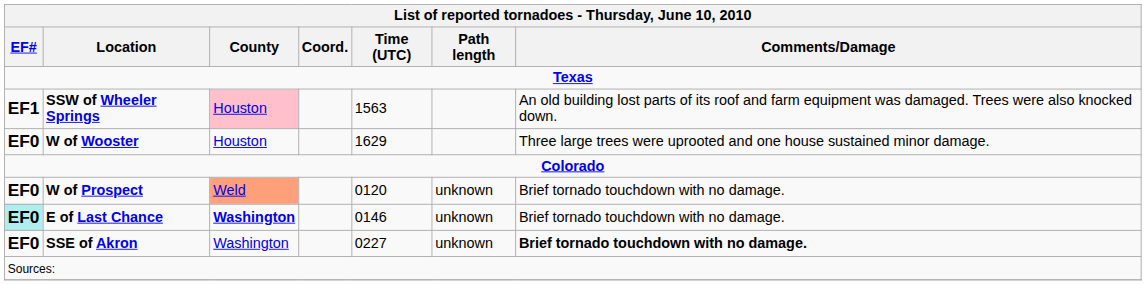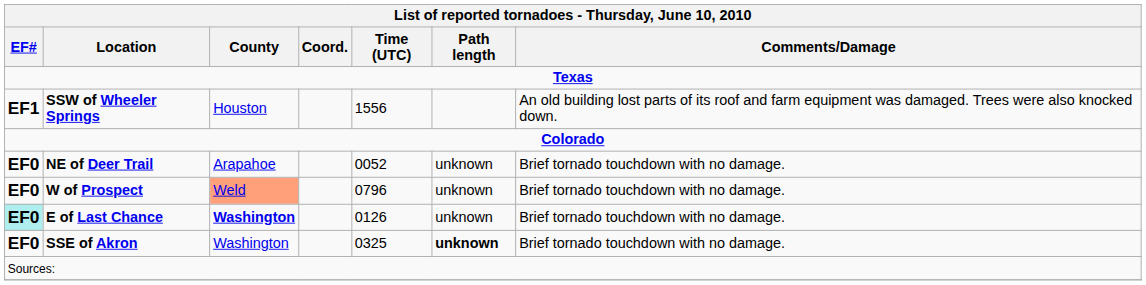 <table class="wikitable collapsible" width="100%">
 <tr>
 <th colspan="7">List of reported tornadoes - Thursday, June 10, 2010</th>
 </tr>
 <tr>
 <th><a href='#'>EF#</a></th>
 <th>Location</th>
 <th>County</th>
 <th>Coord.</th>
 <th>Time (UTC)</th>
 <th>Path length</th>
 <th>Comments/Damage</th>
 </tr>
 <tr>
 <td colspan="7" align=center><strong><a href='#'>Texas</a></strong></td>
 </tr>
 <tr>
 <td><big><strong>EF1</strong></big></td>
 <td><strong>SSW of <a href='#'>Wheeler Springs</a></strong></td>
-<td style="background: pink;"><a href='#'>Houston</a></td>
+<td><a href='#'>Houston</a></td>
 <td></td>
-<td>1563</td>
+<td>1556</td>
 <td></td>
 <td>An old building lost parts of its roof and farm equipment was damaged. Trees were also knocked down.</td>
-</tr>
-<tr>
-<td><big><strong>EF0</strong></big></td>
-<td><strong>W of <a href='#'>Wooster</a></strong></td>
-<td><a href='#'>Houston</a></td>
-<td></td>
-<td>1629</td>
-<td></td>
-<td>Three large trees were uprooted and one house sustained minor damage.</td>
 </tr>
 <tr>
 <td colspan="7" align=center><strong><a href='#'>Colorado</a></strong></td>
 </tr>
 <tr>
 <td><big><strong>EF0</strong></big></td>
+<td><strong>NE of <a href='#'>Deer Trail</a></strong></td>
+<td><a href='#'>Arapahoe</a></td>
+<td></td>
+<td>0052</td>
+<td>unknown</td>
+<td>Brief tornado touchdown with no damage.</td>
+</tr>
+<tr>
+<td><big><strong>EF0</strong></big></td>
 <td><strong>W of <a href='#'>Prospect</a></strong></td>
 <td style="background: lightsalmon;"><a href='#'>Weld</a></td>
 <td></td>
-<td>0120</td>
+<td>0796</td>
 <td>unknown</td>
 <td>Brief tornado touchdown with no damage.</td>
 </tr>
 <tr>
 <td style="background: paleturquoise;"><big><strong>EF0</strong></big></td>
 <td><strong>E of <a href='#'>Last Chance</a></strong></td>
 <td><strong><a href='#'>Washington</a></strong></td>
 <td></td>
-<td>0146</td>
+<td>0126</td>
 <td>unknown</td>
 <td>Brief tornado touchdown with no damage.</td>
 </tr>
 <tr>
 <td><big><strong>EF0</strong></big></td>
 <td><strong>SSE of <a href='#'>Akron</a></strong></td>
 <td><a href='#'>Washington</a></td>
 <td></td>
-<td>0227</td>
-<td>unknown</td>
-<td><strong>Brief tornado touchdown with no damage.</strong></td>
+<td>0325</td>
+<td><strong>unknown</strong></td>
+<td>Brief tornado touchdown with no damage.</td>
 </tr>
 <tr>
 <td colspan="7"><small>Sources: </small></td>
 </tr>
 <tr>
 </tr>
 </table>
